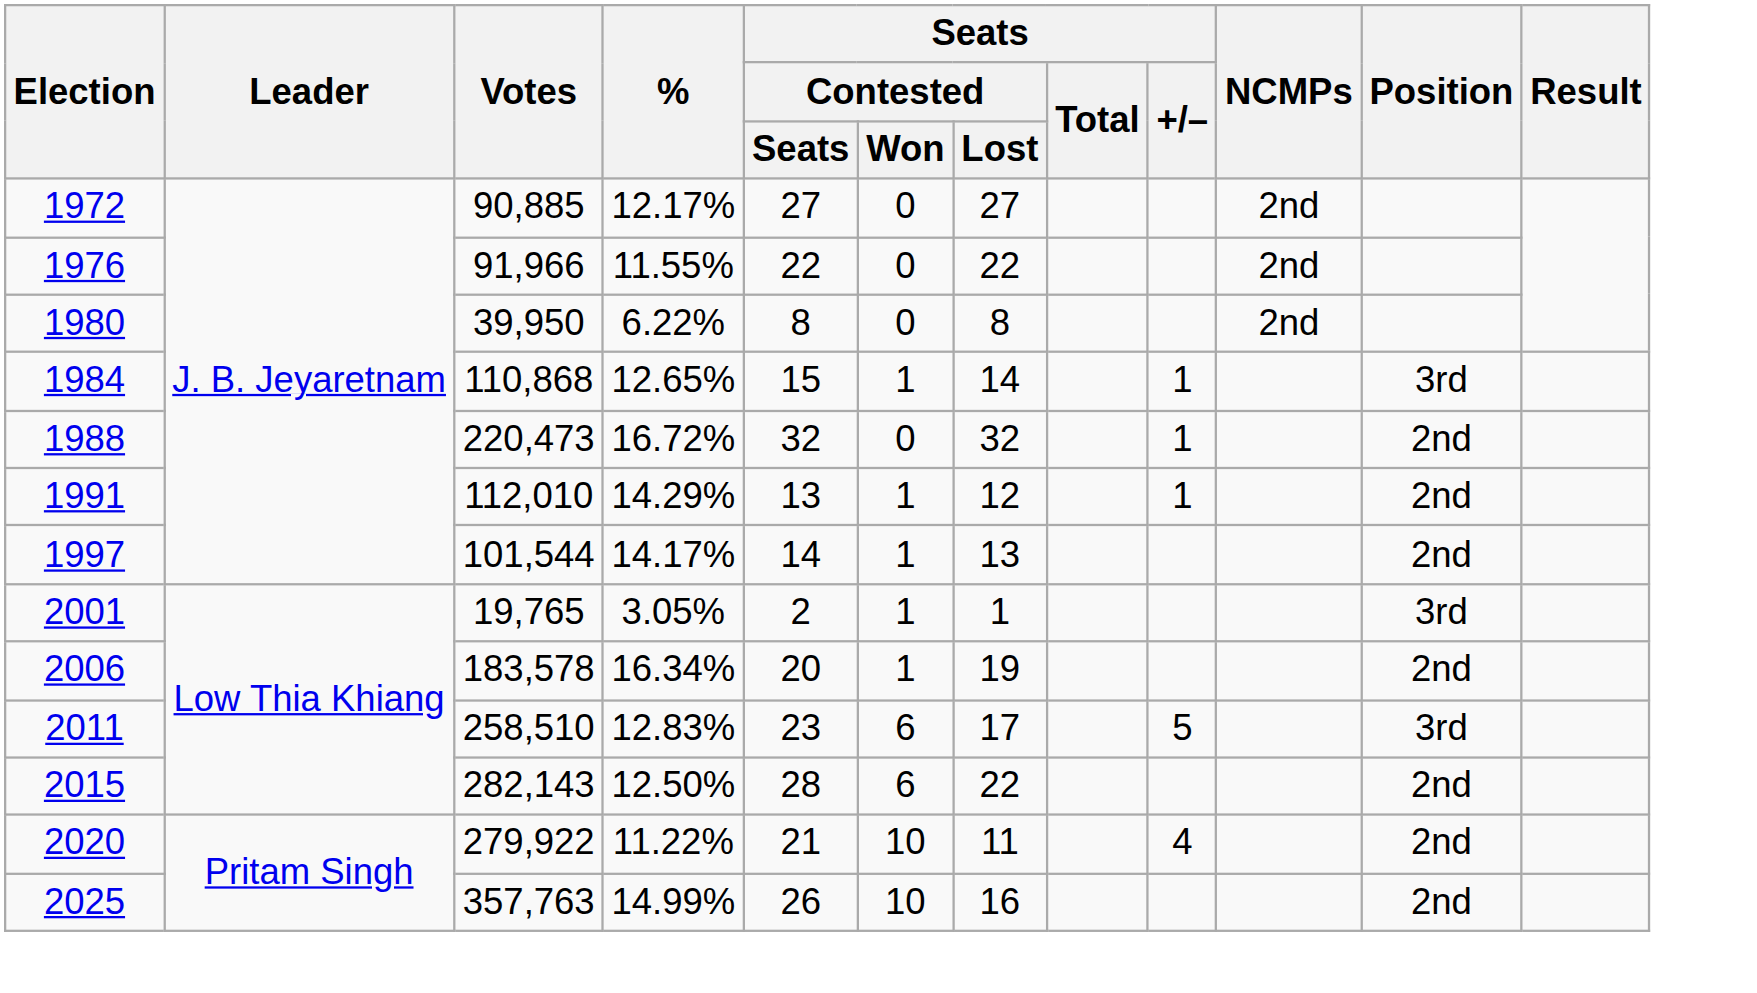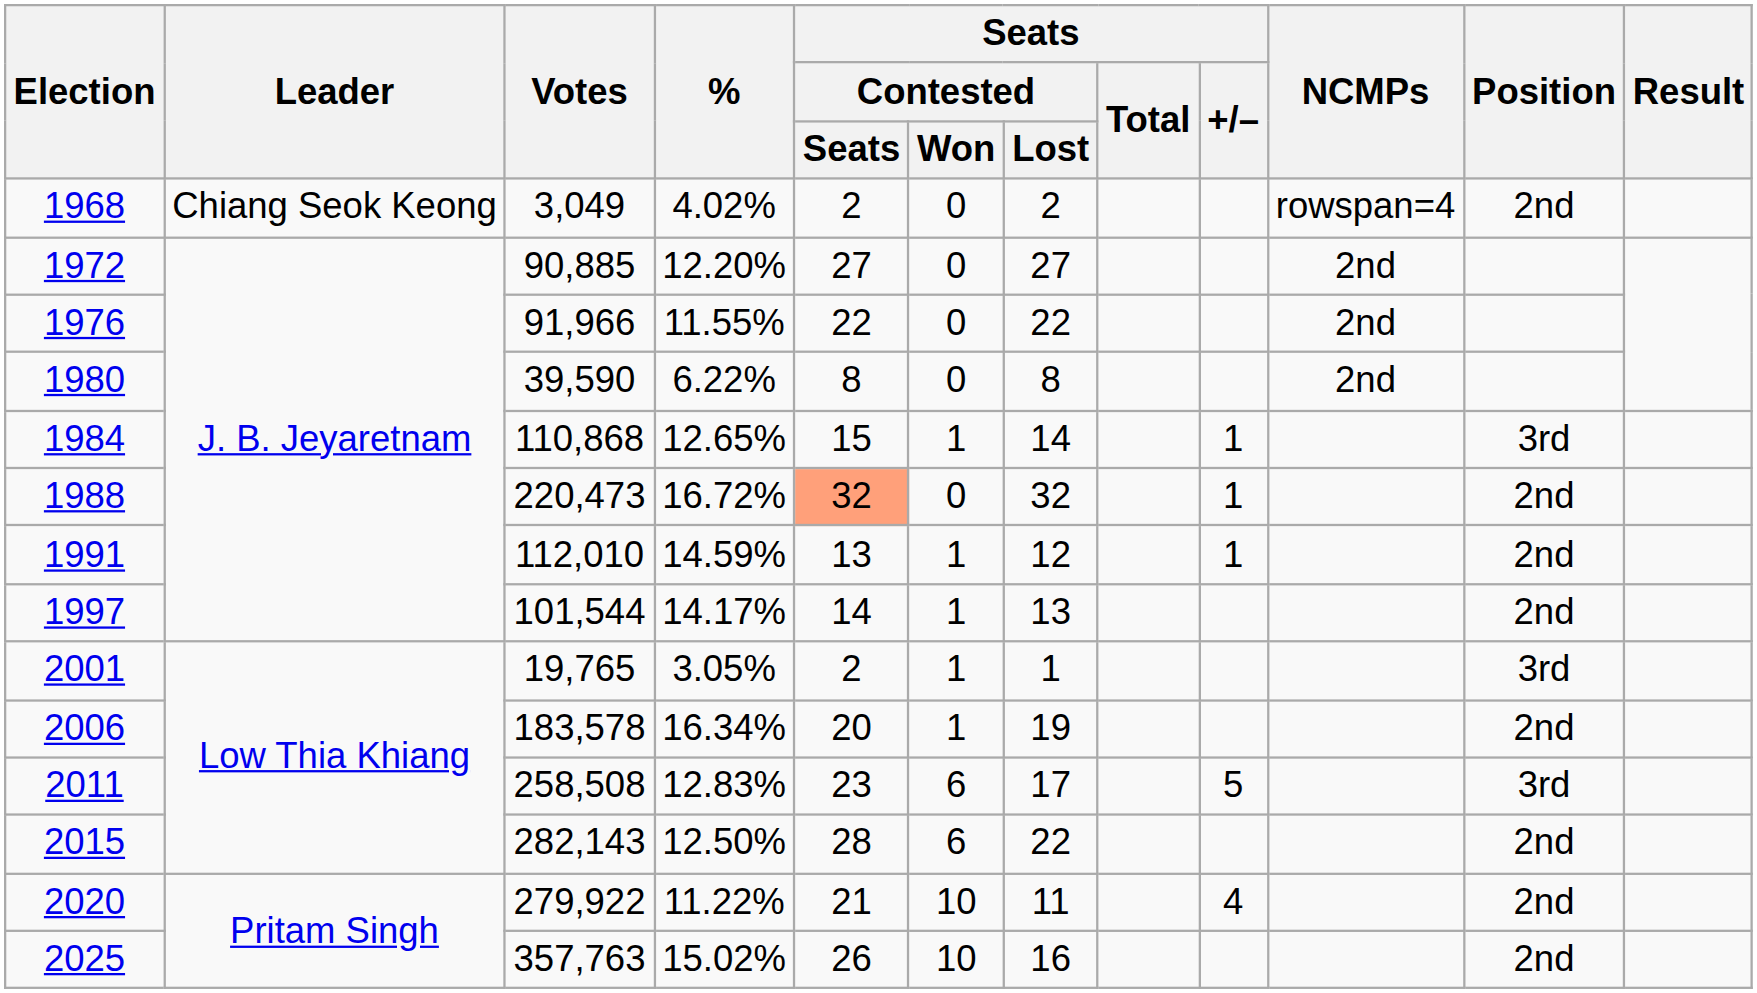 <table class=wikitable style="text-align: center;">
 <tr>
 <th rowspan=3>Election</th>
 <th rowspan=3>Leader</th>
 <th rowspan=3>Votes</th>
 <th rowspan=3>%</th>
 <th colspan=5>Seats</th>
 <th rowspan=3>NCMPs</th>
 <th rowspan=3>Position</th>
 <th rowspan=3>Result</th>
 </tr>
 <tr>
 <th colspan=3>Contested</th>
 <th rowspan=2>Total</th>
 <th rowspan=2>+/–</th>
 </tr>
 <tr>
 <th>Seats</th>
 <th>Won</th>
 <th>Lost</th>
 </tr>
 <tr>
+<td><a href='#'>1968</a></td>
+<td>Chiang Seok Keong</td>
+<td>3,049</td>
+<td>4.02%</td>
+<td>2</td>
+<td>0</td>
+<td>2</td>
+<td></td>
+<td></td>
+<td>rowspan=4 </td>
+<td> 2nd</td>
+<td></td>
+</tr>
+<tr>
 <td><a href='#'>1972</a></td>
 <td rowspan=7><a href='#'>J. B. Jeyaretnam</a></td>
 <td>90,885</td>
-<td>12.17%</td>
+<td>12.20%</td>
 <td>27</td>
 <td>0</td>
 <td>27</td>
 <td></td>
 <td></td>
 <td> 2nd</td>
 <td></td>
 </tr>
 <tr>
 <td><a href='#'>1976</a></td>
 <td>91,966</td>
 <td>11.55%</td>
 <td>22</td>
 <td>0</td>
 <td>22</td>
 <td></td>
 <td></td>
 <td> 2nd</td>
 <td></td>
 </tr>
 <tr>
 <td><a href='#'>1980</a></td>
-<td>39,950</td>
+<td>39,590</td>
 <td>6.22%</td>
 <td>8</td>
 <td>0</td>
 <td>8</td>
 <td></td>
 <td></td>
 <td> 2nd</td>
 <td></td>
 </tr>
 <tr>
 <td><a href='#'>1984</a></td>
 <td>110,868</td>
 <td>12.65%</td>
 <td>15</td>
 <td>1</td>
 <td>14</td>
 <td></td>
 <td> 1</td>
 <td></td>
 <td> 3rd</td>
 <td></td>
 </tr>
 <tr>
 <td><a href='#'>1988</a></td>
 <td>220,473</td>
 <td>16.72%</td>
-<td>32</td>
+<td style="background: lightsalmon;">32</td>
 <td>0</td>
 <td>32</td>
 <td></td>
 <td> 1</td>
 <td></td>
 <td> 2nd</td>
 <td></td>
 </tr>
 <tr>
 <td><a href='#'>1991</a></td>
 <td>112,010</td>
-<td>14.29%</td>
+<td>14.59%</td>
 <td>13</td>
 <td>1</td>
 <td>12</td>
 <td></td>
 <td> 1</td>
 <td></td>
 <td> 2nd</td>
 <td></td>
 </tr>
 <tr>
 <td><a href='#'>1997</a></td>
 <td>101,544</td>
 <td>14.17%</td>
 <td>14</td>
 <td>1</td>
 <td>13</td>
 <td></td>
 <td></td>
 <td></td>
 <td> 2nd</td>
 <td></td>
 </tr>
 <tr>
 <td><a href='#'>2001</a></td>
 <td rowspan=4><a href='#'>Low Thia Khiang</a></td>
 <td>19,765</td>
 <td>3.05%</td>
 <td>2</td>
 <td>1</td>
 <td>1</td>
 <td></td>
 <td></td>
 <td></td>
 <td> 3rd</td>
 <td></td>
 </tr>
 <tr>
 <td><a href='#'>2006</a></td>
 <td>183,578</td>
 <td>16.34%</td>
 <td>20</td>
 <td>1</td>
 <td>19</td>
 <td></td>
 <td></td>
 <td></td>
 <td> 2nd</td>
 <td></td>
 </tr>
 <tr>
 <td><a href='#'>2011</a></td>
-<td>258,510</td>
+<td>258,508</td>
 <td>12.83%</td>
 <td>23</td>
 <td>6</td>
 <td>17</td>
 <td></td>
 <td> 5</td>
 <td></td>
 <td> 3rd</td>
 <td></td>
 </tr>
 <tr>
 <td><a href='#'>2015</a></td>
 <td>282,143</td>
 <td>12.50%</td>
 <td>28</td>
 <td>6</td>
 <td>22</td>
 <td></td>
 <td></td>
 <td></td>
 <td> 2nd</td>
 <td></td>
 </tr>
 <tr>
 <td><a href='#'>2020</a></td>
 <td rowspan=2><a href='#'>Pritam Singh</a></td>
 <td>279,922</td>
 <td>11.22%</td>
 <td>21</td>
 <td>10</td>
 <td>11</td>
 <td></td>
 <td> 4</td>
 <td></td>
 <td> 2nd</td>
 <td></td>
 </tr>
 <tr>
 <td><a href='#'>2025</a></td>
 <td>357,763</td>
-<td>14.99%</td>
+<td>15.02%</td>
 <td>26</td>
 <td>10</td>
 <td>16</td>
 <td></td>
 <td></td>
 <td></td>
 <td> 2nd</td>
 <td></td>
 </tr>
 </table>
